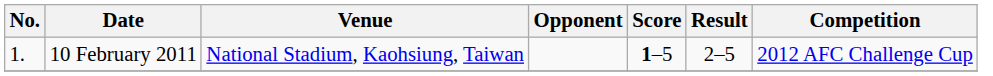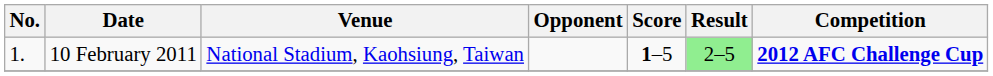 <table class="wikitable">
 <tr>
 <th>No.</th>
 <th>Date</th>
 <th>Venue</th>
 <th>Opponent</th>
 <th>Score</th>
 <th>Result</th>
 <th>Competition</th>
 </tr>
 <tr>
 <td>1.</td>
 <td>10 February 2011</td>
 <td><a href='#'>National Stadium</a>, <a href='#'>Kaohsiung</a>, <a href='#'>Taiwan</a></td>
 <td></td>
 <td align=center><strong>1</strong>–5</td>
-<td align=center>2–5</td>
-<td><a href='#'>2012 AFC Challenge Cup</a></td>
+<td align=center style="background: lightgreen;">2–5</td>
+<td><strong><a href='#'>2012 AFC Challenge Cup</a></strong></td>
 </tr>
 <tr>
 </tr>
 </table>
